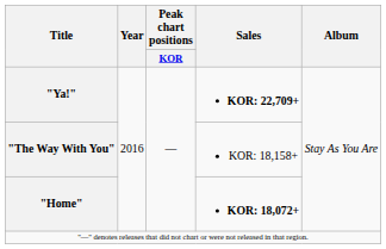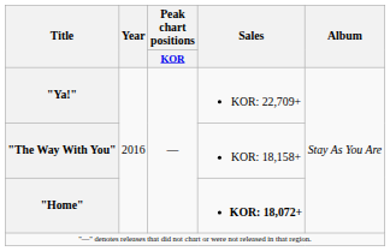 <table class="wikitable plainrowheaders" style="text-align:center;">
 <tr>
 <th scope="col" scope="col" rowspan="2">Title</th>
 <th scope="col" scope="col" rowspan="2">Year</th>
 <th scope="col" scope="col" colspan="1">Peak chart positions</th>
 <th scope="col" scope="col" rowspan="2">Sales</th>
 <th scope="col" scope="col" rowspan="2">Album</th>
 </tr>
 <tr>
 <th scope="col" style="width:3em;font-size:90%;"><a href='#'>KOR</a><br></th>
 </tr>
 <tr>
 <th scope=row>"Ya!" </th>
 <td rowspan="3">2016</td>
 <td rowspan="3">—</td>
-<td><strong><br><ul><li>KOR: 22,709+</li></ul></strong></td>
+<td><br><ul><li>KOR: 22,709+</li></ul></td>
 <td rowspan="3"><em>Stay As You Are</em></td>
 </tr>
 <tr>
 <th scope=row>"The Way With You"</th>
 <td><br><ul><li>KOR: 18,158+</li></ul></td>
 </tr>
 <tr>
 <th scope=row>"Home"</th>
 <td><strong><br><ul><li>KOR: 18,072+</li></ul></strong></td>
 </tr>
 <tr>
 <td colspan="6" style="font-size:8pt;">"—" denotes releases that did not chart or were not released in that region.</td>
 </tr>
 </table>
